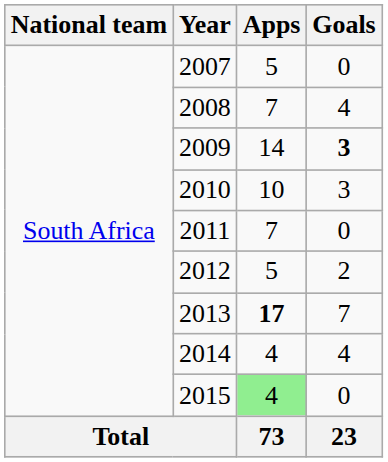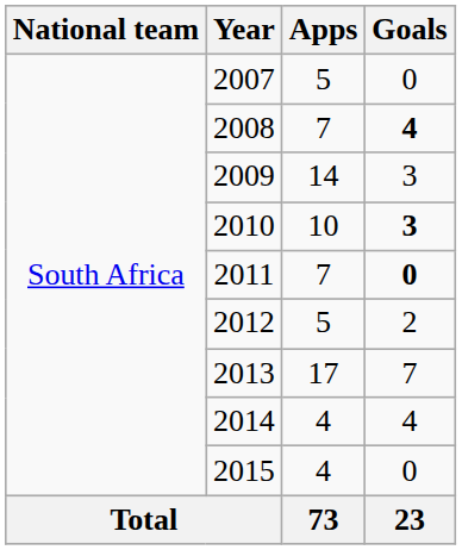 <table class="wikitable" style="text-align:center">
 <tr>
 <th>National team</th>
 <th>Year</th>
 <th>Apps</th>
 <th>Goals</th>
 </tr>
 <tr>
 <td rowspan="9"><a href='#'>South Africa</a></td>
 <td>2007</td>
 <td>5</td>
 <td>0</td>
 </tr>
 <tr>
 <td>2008</td>
 <td>7</td>
-<td>4</td>
+<td><strong>4</strong></td>
 </tr>
 <tr>
 <td>2009</td>
 <td>14</td>
-<td><strong>3</strong></td>
+<td>3</td>
 </tr>
 <tr>
 <td>2010</td>
 <td>10</td>
-<td>3</td>
+<td><strong>3</strong></td>
 </tr>
 <tr>
 <td>2011</td>
 <td>7</td>
-<td>0</td>
+<td><strong>0</strong></td>
 </tr>
 <tr>
 <td>2012</td>
 <td>5</td>
 <td>2</td>
 </tr>
 <tr>
 <td>2013</td>
-<td><strong>17</strong></td>
+<td>17</td>
 <td>7</td>
 </tr>
 <tr>
 <td>2014</td>
 <td>4</td>
 <td>4</td>
 </tr>
 <tr>
 <td>2015</td>
-<td style="background: lightgreen;">4</td>
+<td>4</td>
 <td>0</td>
 </tr>
 <tr>
 <th colspan="2">Total</th>
 <th>73</th>
 <th>23</th>
 </tr>
 </table>
